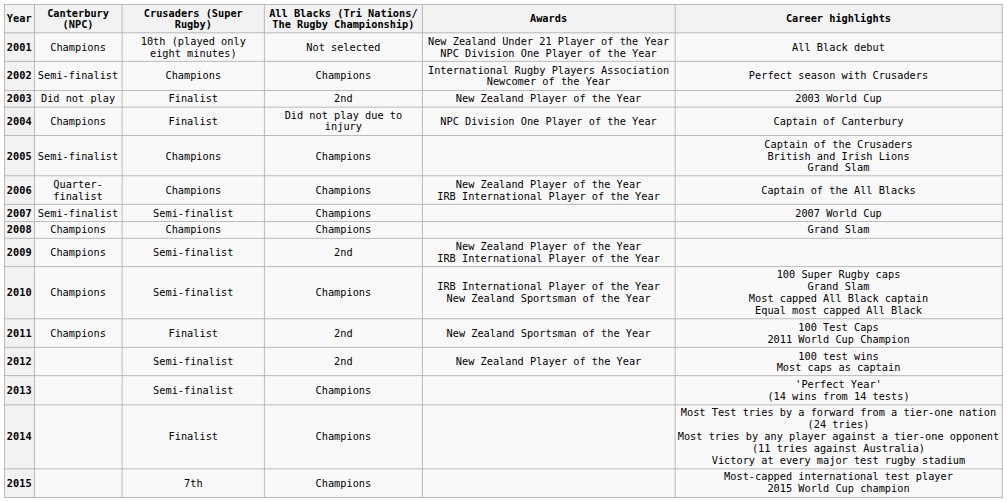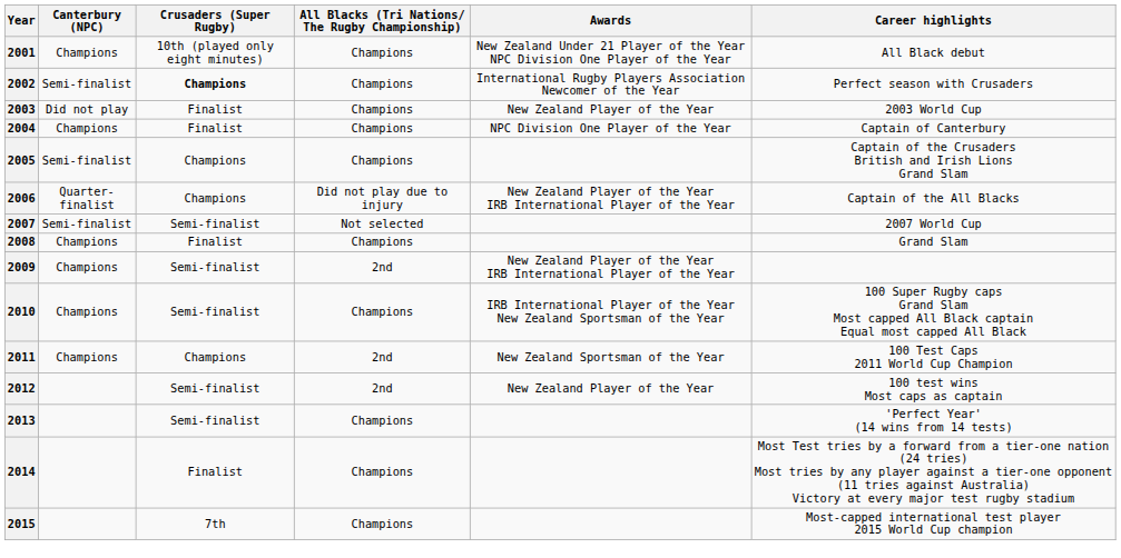 <table class="wikitable" style="margin:auto;">
 <tr>
 <th>Year</th>
 <th>Canterbury (NPC)</th>
 <th>Crusaders (Super Rugby)</th>
 <th>All Blacks (Tri Nations/<br>The Rugby Championship)</th>
 <th>Awards</th>
 <th>Career highlights</th>
 </tr>
 <tr style="text-align:center;">
 <th>2001</th>
 <td>Champions</td>
 <td>10th (played only eight minutes)</td>
-<td>Not selected</td>
+<td>Champions</td>
 <td>New Zealand Under 21 Player of the Year<br>NPC Division One Player of the Year</td>
 <td>All Black debut</td>
 </tr>
 <tr style="text-align:center;">
 <th>2002</th>
 <td>Semi-finalist</td>
-<td>Champions</td>
+<td><strong>Champions</strong></td>
 <td>Champions</td>
 <td>International Rugby Players Association Newcomer of the Year</td>
 <td>Perfect season with Crusaders</td>
 </tr>
 <tr style="text-align:center;">
 <th>2003</th>
 <td>Did not play</td>
 <td>Finalist</td>
-<td>2nd</td>
+<td>Champions</td>
 <td>New Zealand Player of the Year</td>
 <td>2003 World Cup</td>
 </tr>
 <tr style="text-align:center;">
 <th>2004</th>
 <td>Champions</td>
 <td>Finalist</td>
-<td>Did not play due to injury</td>
+<td>Champions</td>
 <td>NPC Division One Player of the Year</td>
 <td>Captain of Canterbury</td>
 </tr>
 <tr style="text-align:center;">
 <th>2005</th>
 <td>Semi-finalist</td>
 <td>Champions</td>
 <td>Champions</td>
 <td></td>
 <td>Captain of the Crusaders<br>British and Irish Lions <br> Grand Slam</td>
 </tr>
 <tr style="text-align:center;">
 <th>2006</th>
 <td>Quarter-finalist</td>
 <td>Champions</td>
-<td>Champions</td>
+<td>Did not play due to injury</td>
 <td>New Zealand Player of the Year<br>IRB International Player of the Year</td>
 <td>Captain of the All Blacks</td>
 </tr>
 <tr style="text-align:center;">
 <th>2007</th>
 <td>Semi-finalist</td>
 <td>Semi-finalist</td>
-<td>Champions</td>
+<td>Not selected</td>
 <td></td>
 <td>2007 World Cup</td>
 </tr>
 <tr style="text-align:center;">
 <th>2008</th>
 <td>Champions</td>
-<td>Champions</td>
+<td>Finalist</td>
 <td>Champions</td>
 <td></td>
 <td>Grand Slam</td>
 </tr>
 <tr style="text-align:center;">
 <th>2009</th>
 <td>Champions</td>
 <td>Semi-finalist</td>
 <td>2nd</td>
 <td>New Zealand Player of the Year<br> IRB International Player of the Year</td>
 <td></td>
 </tr>
 <tr style="text-align:center;">
 <th>2010</th>
 <td>Champions</td>
 <td>Semi-finalist</td>
 <td>Champions</td>
 <td>IRB International Player of the Year<br>New Zealand Sportsman of the Year</td>
 <td>100 Super Rugby caps<br>Grand Slam<br>Most capped All Black captain<br>Equal most capped All Black</td>
 </tr>
 <tr style="text-align:center;">
 <th>2011</th>
 <td>Champions</td>
-<td>Finalist</td>
+<td>Champions</td>
 <td>2nd</td>
 <td>New Zealand Sportsman of the Year</td>
 <td>100 Test Caps<br>2011 World Cup Champion</td>
 </tr>
 <tr style="text-align:center;">
 <th>2012</th>
 <td></td>
 <td>Semi-finalist</td>
 <td>2nd</td>
 <td>New Zealand Player of the Year</td>
 <td>100 test wins<br>Most caps as captain</td>
 </tr>
 <tr style="text-align:center;">
 <th>2013</th>
 <td></td>
 <td>Semi-finalist</td>
 <td>Champions</td>
 <td></td>
 <td>'Perfect Year'<br>(14 wins from 14 tests)</td>
 </tr>
 <tr style="text-align:center;">
 <th>2014</th>
 <td></td>
 <td>Finalist</td>
 <td>Champions</td>
 <td></td>
 <td>Most Test tries by a forward from a tier-one nation (24 tries)<br>Most tries by any player against a tier-one opponent (11 tries against Australia)<br>Victory at every major test rugby stadium</td>
 </tr>
 <tr style="text-align:center;">
 <th>2015</th>
 <td></td>
 <td>7th</td>
 <td>Champions</td>
 <td></td>
 <td>Most-capped international test player<br>2015 World Cup champion</td>
 </tr>
 </table>
